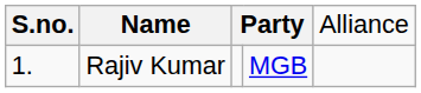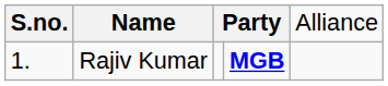 <table class="wikitable">
 <tr>
 <th>S.no.</th>
 <th>Name</th>
 <th colspan="2">Party</th>
 <td>Alliance</td>
 </tr>
 <tr>
 <td>1.</td>
 <td>Rajiv Kumar</td>
 <td></td>
-<td><a href='#'>MGB</a></td>
+<td><strong><a href='#'>MGB</a></strong></td>
 </tr>
 </table>
